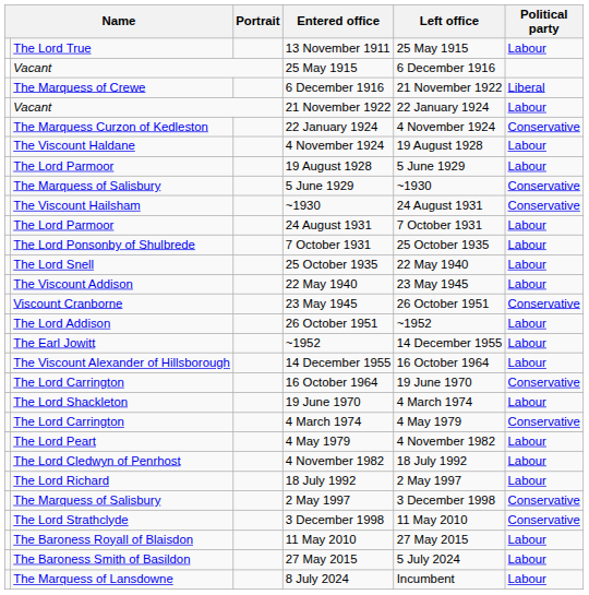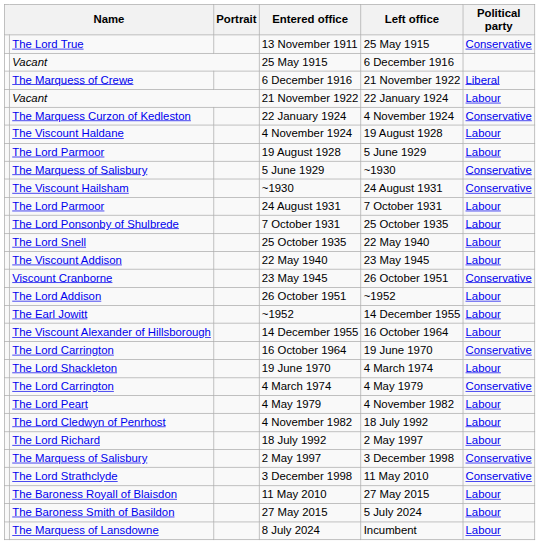 <table class="wikitable">
 <tr>
 <th colspan=2>Name</th>
 <th width=50>Portrait</th>
 <th>Entered office</th>
 <th>Left office</th>
 <th width=50>Political party</th>
 </tr>
 <tr>
 <td style="background-color: "></td>
 <td><a href='#'>The Lord True</a></td>
 <td></td>
 <td>13 November 1911</td>
 <td>25 May 1915</td>
-<td><a href='#'>Labour</a></td>
+<td><a href='#'>Conservative</a></td>
 </tr>
 <tr>
 <td style="background-color: white"></td>
 <td colspan="2"><em>Vacant</em></td>
 <td>25 May 1915</td>
 <td>6 December 1916</td>
 </tr>
 <tr>
 <td style="background-color: "></td>
 <td><a href='#'>The Marquess of Crewe</a></td>
 <td></td>
 <td>6 December 1916</td>
 <td>21 November 1922</td>
 <td><a href='#'>Liberal</a></td>
 </tr>
 <tr>
 <td style="background-color: "></td>
 <td colspan="2"><em>Vacant</em></td>
 <td>21 November 1922</td>
 <td>22 January 1924</td>
 <td><a href='#'>Labour</a></td>
 </tr>
 <tr>
 <td style="background-color: "></td>
 <td><a href='#'>The Marquess Curzon of Kedleston</a></td>
 <td></td>
 <td>22 January 1924</td>
 <td>4 November 1924</td>
 <td><a href='#'>Conservative</a></td>
 </tr>
 <tr>
 <td style="background-color: "></td>
 <td><a href='#'>The Viscount Haldane</a></td>
 <td></td>
 <td>4 November 1924</td>
 <td>19 August 1928</td>
 <td><a href='#'>Labour</a></td>
 </tr>
 <tr>
 <td style="background-color: "></td>
 <td><a href='#'>The Lord Parmoor</a></td>
 <td></td>
 <td>19 August 1928</td>
 <td>5 June 1929</td>
 <td><a href='#'>Labour</a></td>
 </tr>
 <tr>
 <td style="background-color: "></td>
 <td><a href='#'>The Marquess of Salisbury</a></td>
 <td></td>
 <td>5 June 1929</td>
 <td>~1930</td>
 <td><a href='#'>Conservative</a></td>
 </tr>
 <tr>
 <td style="background-color: "></td>
 <td><a href='#'>The Viscount Hailsham</a></td>
 <td></td>
 <td>~1930</td>
 <td>24 August 1931</td>
 <td><a href='#'>Conservative</a></td>
 </tr>
 <tr>
 <td style="background-color: "></td>
 <td><a href='#'>The Lord Parmoor</a></td>
 <td></td>
 <td>24 August 1931</td>
 <td>7 October 1931</td>
 <td><a href='#'>Labour</a></td>
 </tr>
 <tr>
 <td style="background-color: "></td>
 <td><a href='#'>The Lord Ponsonby of Shulbrede</a></td>
 <td></td>
 <td>7 October 1931</td>
 <td>25 October 1935</td>
 <td><a href='#'>Labour</a></td>
 </tr>
 <tr>
 <td style="background-color: "></td>
 <td><a href='#'>The Lord Snell</a></td>
 <td></td>
 <td>25 October 1935</td>
 <td>22 May 1940</td>
 <td><a href='#'>Labour</a></td>
 </tr>
 <tr>
 <td style="background-color: "></td>
 <td><a href='#'>The Viscount Addison</a></td>
 <td></td>
 <td>22 May 1940</td>
 <td>23 May 1945</td>
 <td><a href='#'>Labour</a></td>
 </tr>
 <tr>
 <td style="background-color: "></td>
 <td><a href='#'>Viscount Cranborne</a></td>
 <td></td>
 <td>23 May 1945</td>
 <td>26 October 1951</td>
 <td><a href='#'>Conservative</a></td>
 </tr>
 <tr>
 <td style="background-color: "></td>
 <td><a href='#'>The Lord Addison</a></td>
 <td></td>
 <td>26 October 1951</td>
 <td>~1952</td>
 <td><a href='#'>Labour</a></td>
 </tr>
 <tr>
 <td style="background-color: "></td>
 <td><a href='#'>The Earl Jowitt</a></td>
 <td></td>
 <td>~1952</td>
 <td>14 December 1955</td>
 <td><a href='#'>Labour</a></td>
 </tr>
 <tr>
 <td style="background-color: "></td>
 <td><a href='#'>The Viscount Alexander of Hillsborough</a></td>
 <td></td>
 <td>14 December 1955</td>
 <td>16 October 1964</td>
 <td><a href='#'>Labour</a></td>
 </tr>
 <tr>
 <td style="background-color: "></td>
 <td><a href='#'>The Lord Carrington</a></td>
 <td></td>
 <td>16 October 1964</td>
 <td>19 June 1970</td>
 <td><a href='#'>Conservative</a></td>
 </tr>
 <tr>
 <td style="background-color: "></td>
 <td><a href='#'>The Lord Shackleton</a></td>
 <td></td>
 <td>19 June 1970</td>
 <td>4 March 1974</td>
 <td><a href='#'>Labour</a></td>
 </tr>
 <tr>
 <td style="background-color: "></td>
 <td><a href='#'>The Lord Carrington</a></td>
 <td></td>
 <td>4 March 1974</td>
 <td>4 May 1979</td>
 <td><a href='#'>Conservative</a></td>
 </tr>
 <tr>
 <td style="background-color: "></td>
 <td><a href='#'>The Lord Peart</a></td>
 <td></td>
 <td>4 May 1979</td>
 <td>4 November 1982</td>
 <td><a href='#'>Labour</a></td>
 </tr>
 <tr>
 <td style="background-color: "></td>
 <td><a href='#'>The Lord Cledwyn of Penrhost</a></td>
 <td></td>
 <td>4 November 1982</td>
 <td>18 July 1992</td>
 <td><a href='#'>Labour</a></td>
 </tr>
 <tr>
 <td style="background-color: "></td>
 <td><a href='#'>The Lord Richard</a></td>
 <td></td>
 <td>18 July 1992</td>
 <td>2 May 1997</td>
 <td><a href='#'>Labour</a></td>
 </tr>
 <tr>
 <td style="background-color: "></td>
 <td><a href='#'>The Marquess of Salisbury</a></td>
 <td></td>
 <td>2 May 1997</td>
 <td>3 December 1998</td>
 <td><a href='#'>Conservative</a></td>
 </tr>
 <tr>
 <td style="background-color: "></td>
 <td><a href='#'>The Lord Strathclyde</a></td>
 <td></td>
 <td>3 December 1998</td>
 <td>11 May 2010</td>
 <td><a href='#'>Conservative</a></td>
 </tr>
 <tr>
 <td style="background-color: "></td>
 <td><a href='#'>The Baroness Royall of Blaisdon</a></td>
 <td></td>
 <td>11 May 2010</td>
 <td>27 May 2015</td>
 <td><a href='#'>Labour</a></td>
 </tr>
 <tr>
 <td style="background-color: "></td>
 <td><a href='#'>The Baroness Smith of Basildon</a></td>
 <td></td>
 <td>27 May 2015</td>
 <td>5 July 2024</td>
 <td><a href='#'>Labour</a></td>
 </tr>
 <tr>
 <td style="background-color: "></td>
 <td><a href='#'>The Marquess of Lansdowne</a></td>
 <td></td>
 <td>8 July 2024</td>
 <td>Incumbent</td>
 <td><a href='#'>Labour</a></td>
 </tr>
 </table>
